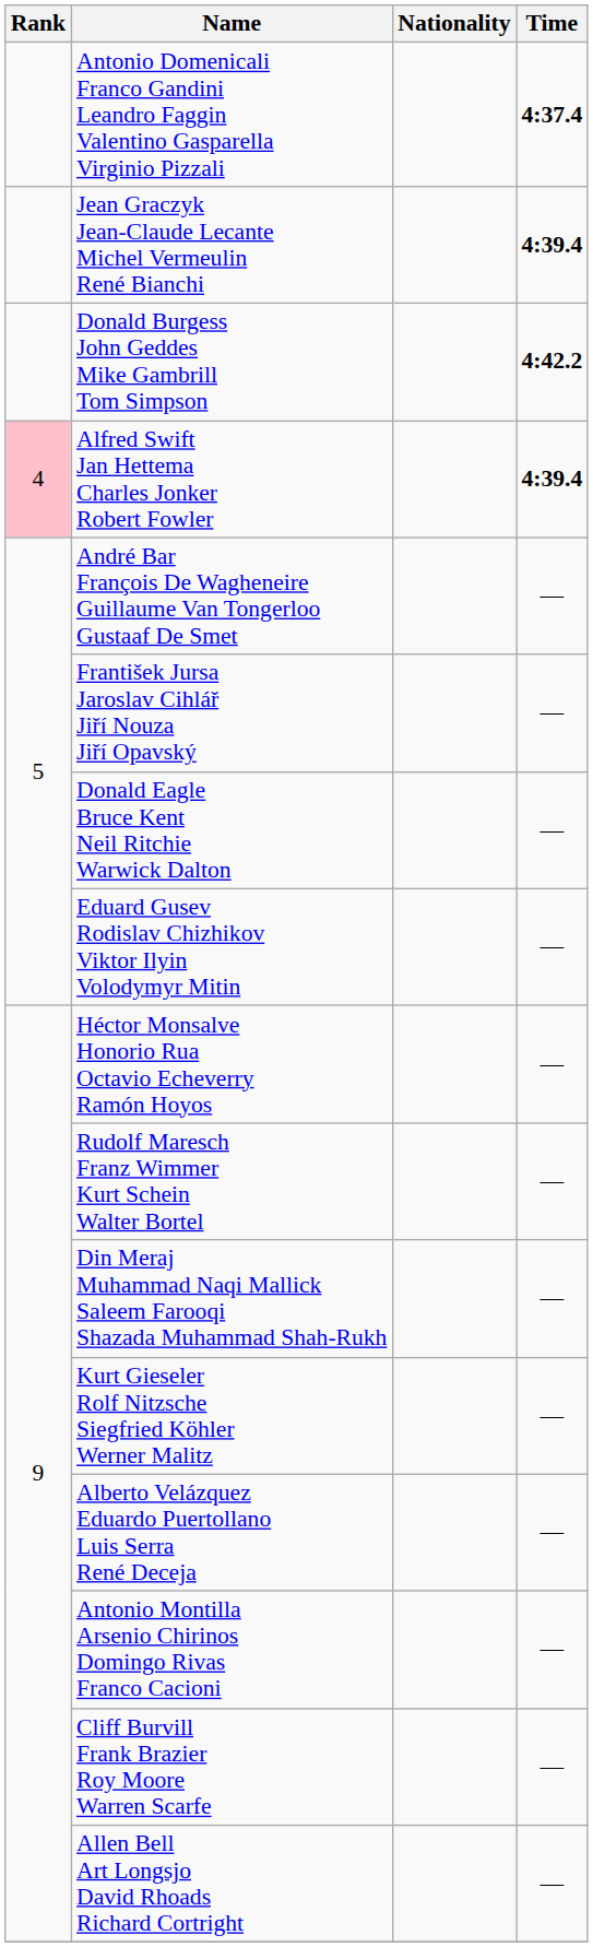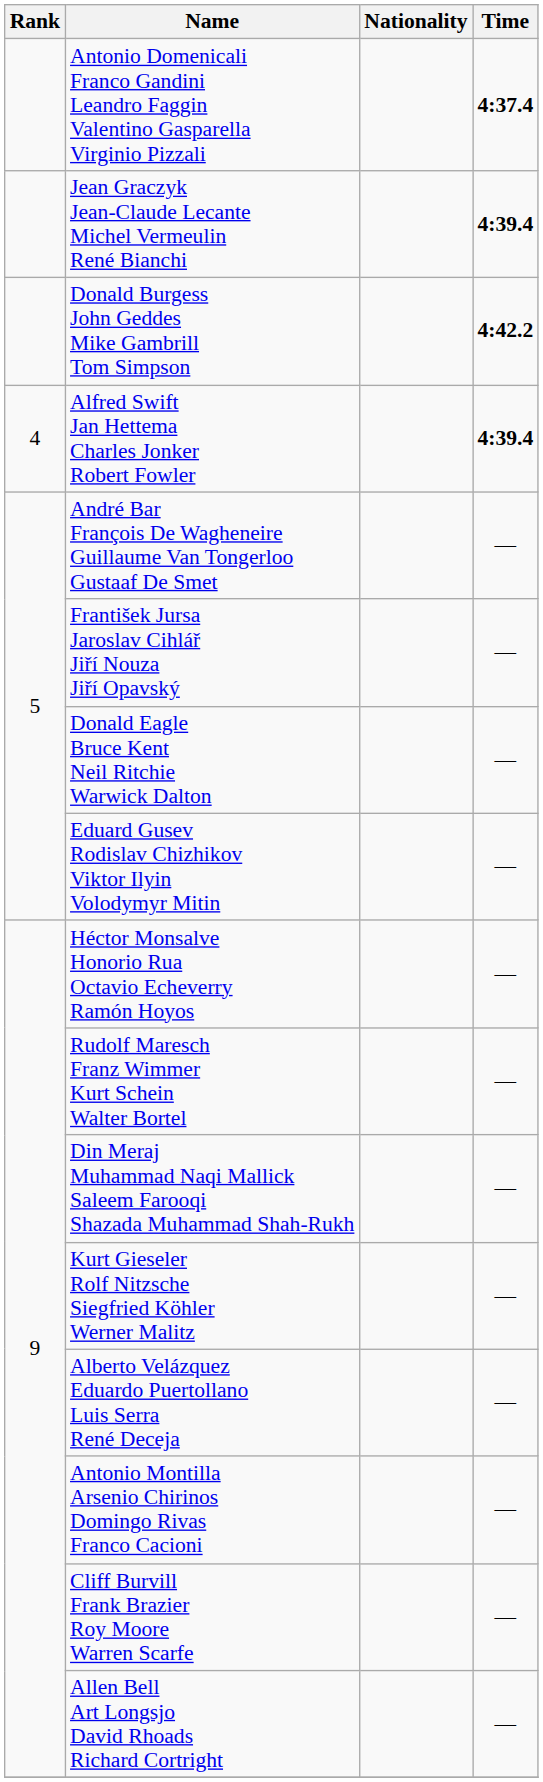 <table class="wikitable sortable" style="text-align:center">
 <tr>
 <th>Rank</th>
 <th>Name</th>
 <th>Nationality</th>
 <th>Time</th>
 </tr>
 <tr>
 <td></td>
 <td align=left><a href='#'>Antonio Domenicali</a><br><a href='#'>Franco Gandini</a><br><a href='#'>Leandro Faggin</a><br><a href='#'>Valentino Gasparella</a><br><a href='#'>Virginio Pizzali</a></td>
 <td align=left></td>
 <td><strong>4:37.4</strong></td>
 </tr>
 <tr>
 <td></td>
 <td align=left><a href='#'>Jean Graczyk</a><br><a href='#'>Jean-Claude Lecante</a><br><a href='#'>Michel Vermeulin</a><br><a href='#'>René Bianchi</a></td>
 <td align=left></td>
 <td><strong>4:39.4</strong></td>
 </tr>
 <tr>
 <td></td>
 <td align=left><a href='#'>Donald Burgess</a><br><a href='#'>John Geddes</a><br><a href='#'>Mike Gambrill</a><br><a href='#'>Tom Simpson</a></td>
 <td align=left></td>
 <td><strong>4:42.2</strong></td>
 </tr>
 <tr>
-<td style="background: pink;">4</td>
+<td>4</td>
 <td align=left><a href='#'>Alfred Swift</a><br><a href='#'>Jan Hettema</a><br><a href='#'>Charles Jonker</a><br><a href='#'>Robert Fowler</a></td>
 <td align=left></td>
 <td><strong>4:39.4</strong></td>
 </tr>
 <tr>
 <td rowspan=4>5</td>
 <td align=left><a href='#'>André Bar</a><br><a href='#'>François De Wagheneire</a><br><a href='#'>Guillaume Van Tongerloo</a><br><a href='#'>Gustaaf De Smet</a></td>
 <td align=left></td>
 <td>—</td>
 </tr>
 <tr>
 <td align=left><a href='#'>František Jursa</a><br><a href='#'>Jaroslav Cihlář</a><br><a href='#'>Jiří Nouza</a><br><a href='#'>Jiří Opavský</a></td>
 <td align=left></td>
 <td>—</td>
 </tr>
 <tr>
 <td align=left><a href='#'>Donald Eagle</a><br><a href='#'>Bruce Kent</a><br><a href='#'>Neil Ritchie</a><br><a href='#'>Warwick Dalton</a></td>
 <td align=left></td>
 <td>—</td>
 </tr>
 <tr>
 <td align=left><a href='#'>Eduard Gusev</a><br><a href='#'>Rodislav Chizhikov</a><br><a href='#'>Viktor Ilyin</a><br><a href='#'>Volodymyr Mitin</a></td>
 <td align=left></td>
 <td>—</td>
 </tr>
 <tr>
 <td rowspan=8>9</td>
 <td align=left><a href='#'>Héctor Monsalve</a><br><a href='#'>Honorio Rua</a><br><a href='#'>Octavio Echeverry</a><br><a href='#'>Ramón Hoyos</a></td>
 <td align=left></td>
 <td>—</td>
 </tr>
 <tr>
 <td align=left><a href='#'>Rudolf Maresch</a><br><a href='#'>Franz Wimmer</a><br><a href='#'>Kurt Schein</a><br><a href='#'>Walter Bortel</a></td>
 <td align=left></td>
 <td>—</td>
 </tr>
 <tr>
 <td align=left><a href='#'>Din Meraj</a><br><a href='#'>Muhammad Naqi Mallick</a><br><a href='#'>Saleem Farooqi</a><br><a href='#'>Shazada Muhammad Shah-Rukh</a></td>
 <td align=left></td>
 <td>—</td>
 </tr>
 <tr>
 <td align=left><a href='#'>Kurt Gieseler</a><br><a href='#'>Rolf Nitzsche</a><br><a href='#'>Siegfried Köhler</a><br><a href='#'>Werner Malitz</a></td>
 <td align=left></td>
 <td>—</td>
 </tr>
 <tr>
 <td align=left><a href='#'>Alberto Velázquez</a><br><a href='#'>Eduardo Puertollano</a><br><a href='#'>Luis Serra</a><br><a href='#'>René Deceja</a></td>
 <td align=left></td>
 <td>—</td>
 </tr>
 <tr>
 <td align=left><a href='#'>Antonio Montilla</a><br><a href='#'>Arsenio Chirinos</a><br><a href='#'>Domingo Rivas</a><br><a href='#'>Franco Cacioni</a></td>
 <td align=left></td>
 <td>—</td>
 </tr>
 <tr>
 <td align=left><a href='#'>Cliff Burvill</a><br><a href='#'>Frank Brazier</a><br><a href='#'>Roy Moore</a><br><a href='#'>Warren Scarfe</a></td>
 <td align=left></td>
 <td>—</td>
 </tr>
 <tr>
 <td align=left><a href='#'>Allen Bell</a><br><a href='#'>Art Longsjo</a><br><a href='#'>David Rhoads</a><br><a href='#'>Richard Cortright</a></td>
 <td align=left></td>
 <td>—</td>
 </tr>
 <tr>
 </tr>
 </table>
